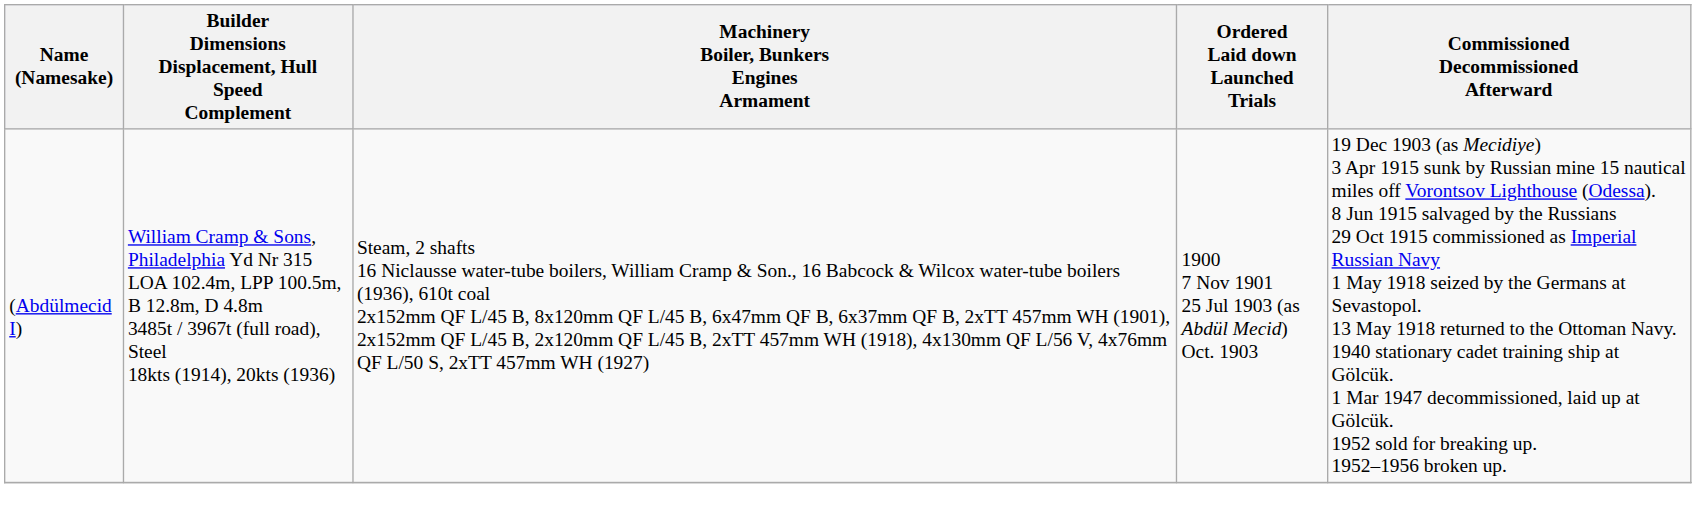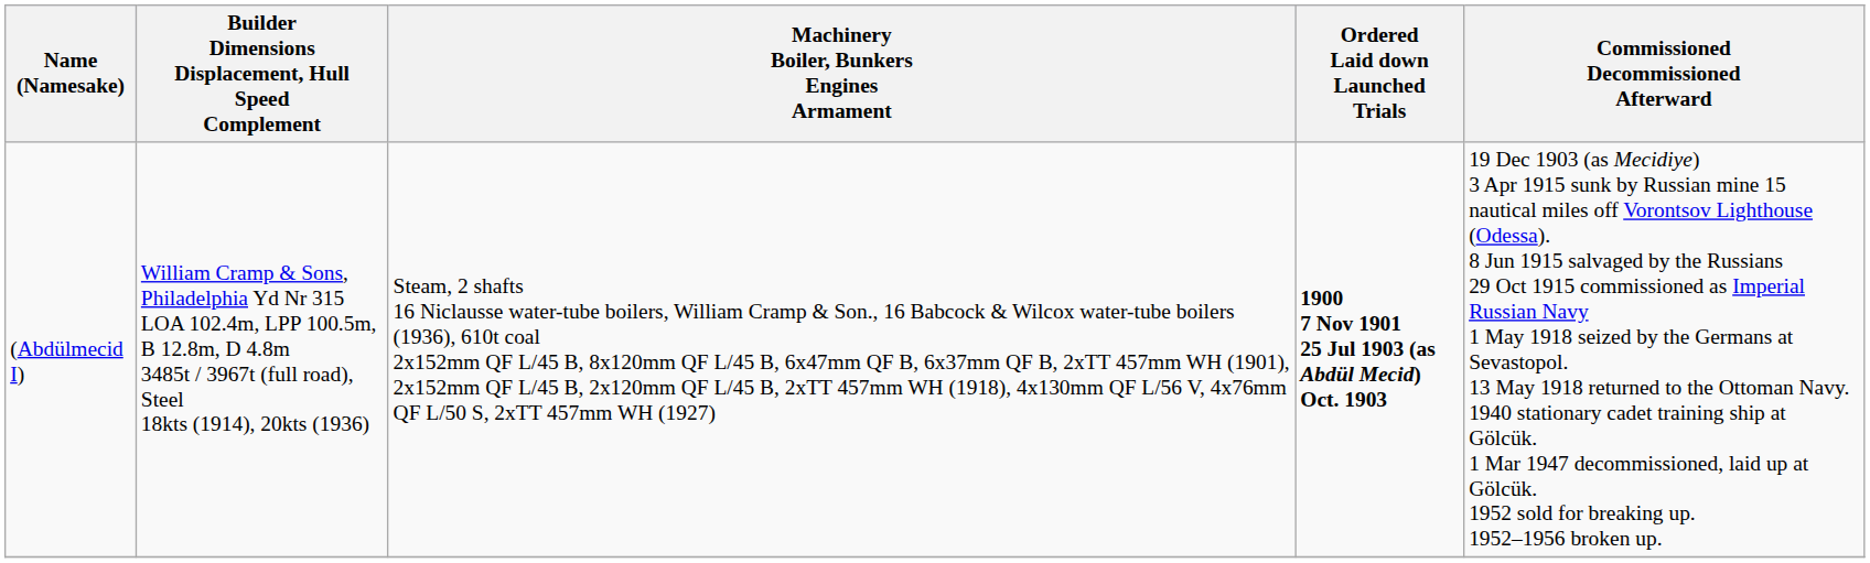 <table class="wikitable" style="font-size:90%;">
 <tr bgcolor="#e6e9ff">
 <th>Name<br>(Namesake)</th>
 <th>Builder<br>Dimensions<br>Displacement, Hull<br>Speed<br>Complement</th>
 <th>Machinery<br>Boiler, Bunkers<br>Engines<br>Armament</th>
 <th>Ordered<br>Laid down<br>Launched<br>Trials</th>
 <th>Commissioned<br>Decommissioned<br>Afterward</th>
 </tr>
 <tr ---->
 <td><br>(<a href='#'>Abdülmecid I</a>)</td>
 <td> <a href='#'>William Cramp & Sons</a>, <a href='#'>Philadelphia</a> Yd Nr 315<br>LOA 102.4m, LPP 100.5m, B 12.8m, D 4.8m<br>3485t / 3967t (full road), Steel<br>18kts (1914), 20kts (1936)</td>
 <td>Steam, 2 shafts<br>16 Niclausse water-tube boilers, William Cramp & Son., 16 Babcock & Wilcox water-tube boilers (1936), 610t coal<br>2x152mm QF L/45 B, 8x120mm QF L/45 B, 6x47mm QF B, 6x37mm QF B, 2xTT 457mm WH (1901), 2x152mm QF L/45 B, 2x120mm QF L/45 B, 2xTT 457mm WH (1918), 4x130mm QF L/56 V, 4x76mm QF L/50 S, 2xTT 457mm WH (1927)</td>
-<td>1900<br>7 Nov 1901<br>25 Jul 1903 (as <em>Abdül Mecid</em>)<br>Oct. 1903</td>
+<td><strong>1900<br>7 Nov 1901<br>25 Jul 1903 (as <em>Abdül Mecid</em>)<br>Oct. 1903</strong></td>
 <td>19 Dec 1903 (as <em>Mecidiye</em>)<br>3 Apr 1915 sunk by Russian mine 15 nautical miles off <a href='#'>Vorontsov Lighthouse</a> (<a href='#'>Odessa</a>).<br>8 Jun 1915 salvaged by the Russians<br>29 Oct 1915 commissioned as <a href='#'>Imperial Russian Navy</a>  <br>1 May 1918 seized by the Germans at Sevastopol.<br>13 May 1918 returned to the Ottoman Navy.<br>1940 stationary cadet training ship at Gölcük.<br>1 Mar 1947 decommissioned, laid up at Gölcük.<br>1952 sold for breaking up.<br>1952–1956 broken up.</td>
 </tr>
 <tr ---->
 </tr>
 </table>
